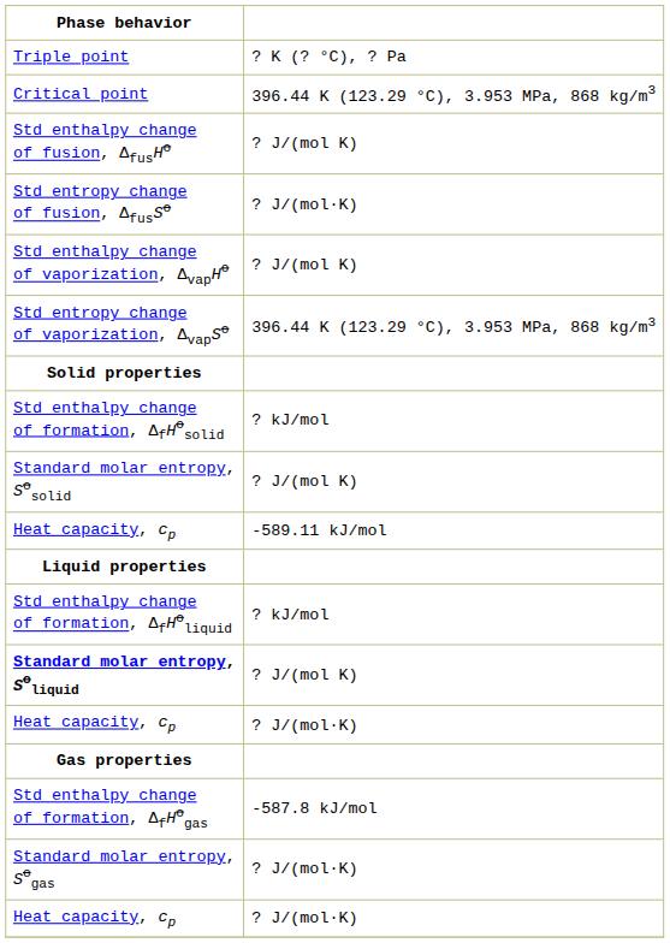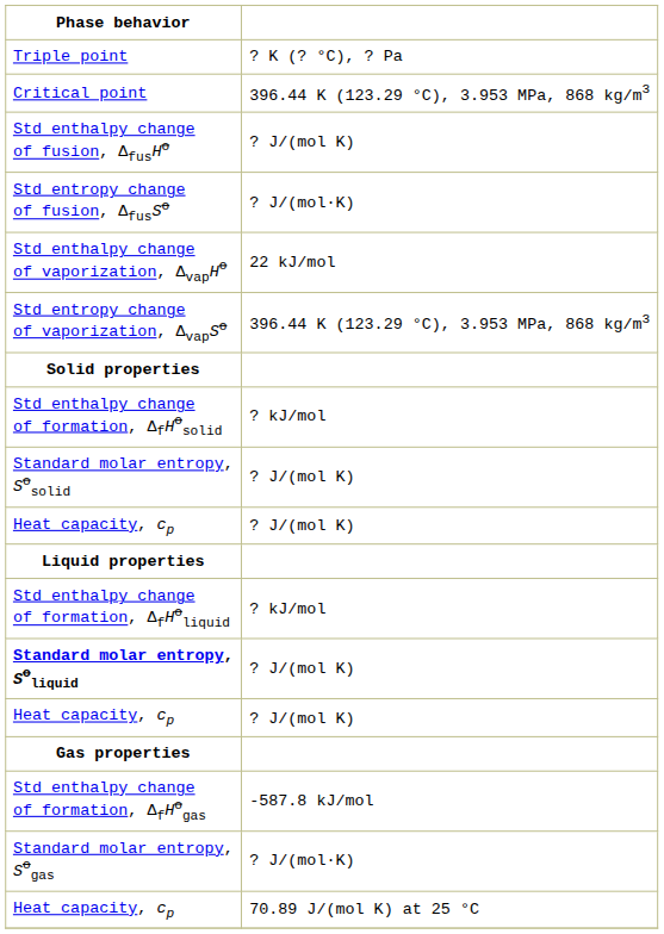 <table border="1" cellspacing="0" cellpadding="6" style="margin: 0 0 0 0.5em; background: #FFFFFF; border-collapse: collapse; border-color: #C0C090;">
 <tr>
 <th>Phase behavior</th>
 </tr>
 <tr>
 <td><a href='#'>Triple point</a></td>
 <td>? K (? °C), ? Pa</td>
 </tr>
 <tr>
 <td><a href='#'>Critical point</a></td>
 <td>396.44 K (123.29 °C), 3.953 MPa, 868 kg/m<sup>3</sup></td>
 </tr>
 <tr>
 <td><a href='#'>Std enthalpy change<br>of fusion</a>, Δ<sub>fus</sub><em>H</em><sup><s>o</s></sup></td>
 <td>? J/(mol K)</td>
 </tr>
 <tr>
 <td><a href='#'>Std entropy change<br>of fusion</a>, Δ<sub>fus</sub><em>S</em><sup><s>o</s></sup></td>
 <td>? J/(mol·K)</td>
 </tr>
 <tr>
 <td><a href='#'>Std enthalpy change<br>of vaporization</a>, Δ<sub>vap</sub><em>H</em><sup><s>o</s></sup></td>
-<td>? J/(mol K)</td>
+<td>22 kJ/mol</td>
 </tr>
 <tr>
 <td><a href='#'>Std entropy change<br>of vaporization</a>, Δ<sub>vap</sub><em>S</em><sup><s>o</s></sup></td>
 <td>396.44 K (123.29 °C), 3.953 MPa, 868 kg/m<sup>3</sup></td>
 </tr>
 <tr>
 <th>Solid properties</th>
 </tr>
 <tr>
 <td><a href='#'>Std enthalpy change<br>of formation</a>, Δ<sub>f</sub><em>H</em><sup><s>o</s></sup><sub>solid</sub></td>
 <td>? kJ/mol</td>
 </tr>
 <tr>
 <td><a href='#'>Standard molar entropy</a>,<br><em>S</em><sup><s>o</s></sup><sub>solid</sub></td>
 <td>? J/(mol K)</td>
 </tr>
 <tr>
 <td><a href='#'>Heat capacity</a>, <em>c<sub>p</sub></em></td>
-<td>-589.11 kJ/mol</td>
+<td>? J/(mol K)</td>
 </tr>
 <tr>
 <th>Liquid properties</th>
 </tr>
 <tr>
 <td><a href='#'>Std enthalpy change<br>of formation</a>, Δ<sub>f</sub><em>H</em><sup><s>o</s></sup><sub>liquid</sub></td>
 <td>? kJ/mol</td>
 </tr>
 <tr>
 <td><strong><a href='#'>Standard molar entropy</a>,<br><em>S</em><sup><s>o</s></sup><sub>liquid</sub></strong></td>
 <td>? J/(mol K)</td>
 </tr>
 <tr>
 <td><a href='#'>Heat capacity</a>, <em>c<sub>p</sub></em></td>
-<td>? J/(mol·K)</td>
+<td>? J/(mol K)</td>
 </tr>
 <tr>
 <th>Gas properties</th>
 </tr>
 <tr>
 <td><a href='#'>Std enthalpy change<br>of formation</a>, Δ<sub>f</sub><em>H</em><sup><s>o</s></sup><sub>gas</sub></td>
 <td>-587.8 kJ/mol</td>
 </tr>
 <tr>
 <td><a href='#'>Standard molar entropy</a>,<br><em>S</em><sup><s>o</s></sup><sub>gas</sub></td>
 <td>? J/(mol·K)</td>
 </tr>
 <tr>
 <td><a href='#'>Heat capacity</a>, <em>c<sub>p</sub></em></td>
-<td>? J/(mol·K)</td>
+<td>70.89 J/(mol K) at 25 °C</td>
 </tr>
 <tr>
 </tr>
 </table>
